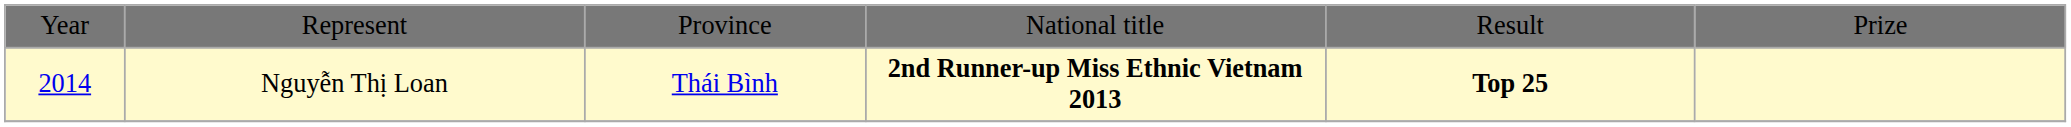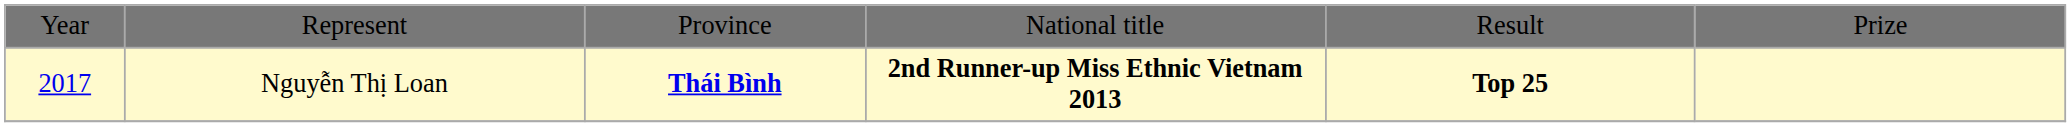 <table class="wikitable" style="background: #FFFFFF; font-size: 92%; text-align:center">
 <tr bgcolor="#787878" colspan=10 align="center">
 <td width="60"><span>Year</span></td>
 <td width="250"><span>Represent</span></td>
 <td width="150"><span>Province</span></td>
 <td width="250"><span>National title</span></td>
 <td width="200"><span>Result</span></td>
 <td width="200"><span>Prize</span></td>
 </tr>
 <tr style="background-color:#FFFACD;">
-<td> <a href='#'>2014</a></td>
+<td> <a href='#'>2017</a></td>
 <td>Nguyễn Thị Loan</td>
-<td><a href='#'>Thái Bình</a></td>
+<td><strong><a href='#'>Thái Bình</a></strong></td>
 <td><strong>2nd Runner-up Miss Ethnic Vietnam 2013</strong></td>
 <td><strong>Top 25</strong></td>
 <td></td>
 </tr>
 <tr>
 </tr>
 </table>
